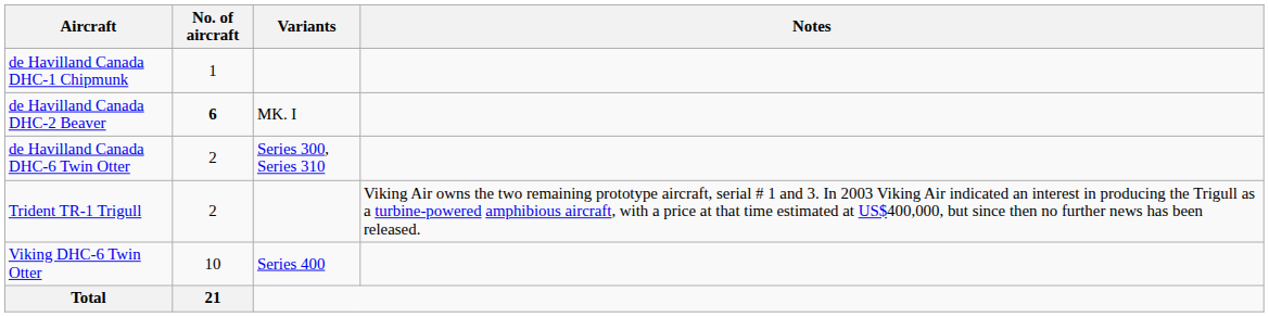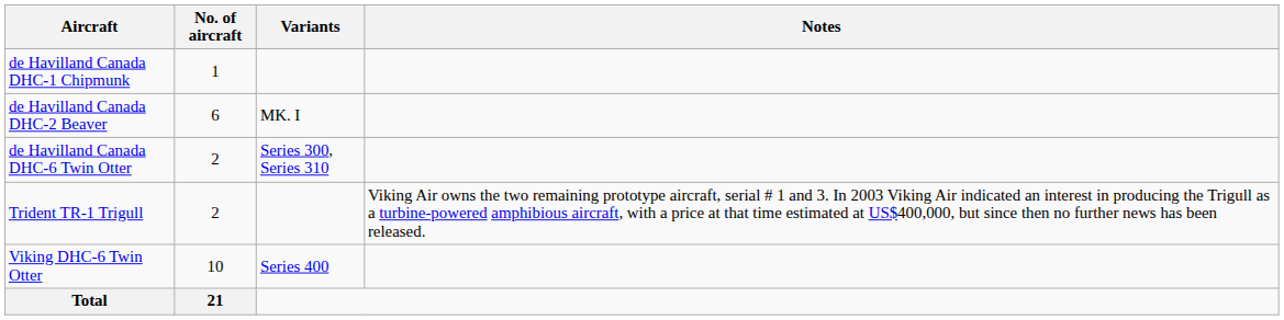 <table class="wikitable">
 <tr>
 <th>Aircraft</th>
 <th>No. of aircraft</th>
 <th>Variants</th>
 <th>Notes</th>
 </tr>
 <tr>
 <td><a href='#'>de Havilland Canada DHC-1 Chipmunk</a></td>
 <td align=center>1</td>
 <td></td>
 <td></td>
 </tr>
 <tr>
 <td><a href='#'>de Havilland Canada DHC-2 Beaver</a></td>
-<td align=center><strong>6</strong></td>
+<td align=center>6</td>
 <td>MK. I</td>
 <td></td>
 </tr>
 <tr>
 <td><a href='#'>de Havilland Canada DHC-6 Twin Otter</a></td>
 <td align=center>2</td>
 <td><a href='#'>Series 300</a>, <a href='#'>Series 310</a></td>
 <td></td>
 </tr>
 <tr>
 <td><a href='#'>Trident TR-1 Trigull</a></td>
 <td align=center>2</td>
 <td></td>
 <td>Viking Air owns the two remaining prototype aircraft, serial # 1 and 3. In 2003 Viking Air indicated an interest in producing the Trigull as a <a href='#'>turbine-powered</a> <a href='#'>amphibious aircraft</a>, with a price at that time estimated at <a href='#'>US$</a>400,000, but since then no further news has been released.</td>
 </tr>
 <tr>
 <td><a href='#'>Viking DHC-6 Twin Otter</a></td>
 <td align=center>10</td>
 <td><a href='#'>Series 400</a></td>
 <td></td>
 </tr>
 <tr>
 <th>Total</th>
 <th align=center>21</th>
 <td colspan="2"></td>
 </tr>
 </table>
